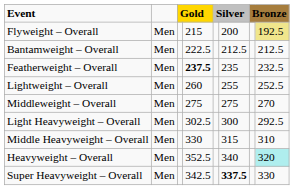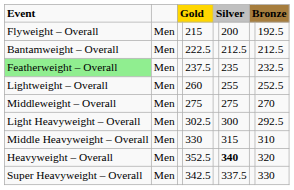 <table class="wikitable">
 <tr>
 <td><strong>Event</strong></td>
 <td></td>
 <td !align="center" bgcolor="gold" colspan="2"><strong>Gold</strong></td>
 <td !align="center" bgcolor="silver" colspan="2"><strong>Silver</strong></td>
 <td !align="center" bgcolor="#a67d3d" colspan="2"><strong>Bronze</strong></td>
 </tr>
 <tr>
 <td>Flyweight – Overall</td>
 <td>Men</td>
 <td></td>
 <td>215</td>
 <td></td>
 <td>200</td>
 <td></td>
-<td style="background: khaki;">192.5</td>
+<td>192.5</td>
 </tr>
 <tr>
 <td>Bantamweight – Overall</td>
 <td>Men</td>
 <td></td>
 <td>222.5</td>
 <td></td>
 <td>212.5</td>
 <td></td>
 <td>212.5</td>
 </tr>
 <tr>
-<td>Featherweight – Overall</td>
+<td style="background: lightgreen;">Featherweight – Overall</td>
 <td>Men</td>
 <td></td>
-<td><strong>237.5</strong></td>
+<td>237.5</td>
 <td></td>
 <td>235</td>
 <td></td>
 <td>232.5</td>
 </tr>
 <tr>
 <td>Lightweight – Overall</td>
 <td>Men</td>
 <td></td>
 <td>260</td>
 <td></td>
 <td>255</td>
 <td></td>
 <td>252.5</td>
 </tr>
 <tr>
 <td>Middleweight – Overall</td>
 <td>Men</td>
 <td></td>
 <td>275</td>
 <td></td>
 <td>275</td>
 <td></td>
 <td>270</td>
 </tr>
 <tr>
 <td>Light Heavyweight – Overall</td>
 <td>Men</td>
 <td></td>
 <td>302.5</td>
 <td></td>
 <td>300</td>
 <td></td>
 <td>292.5</td>
 </tr>
 <tr>
 <td>Middle Heavyweight – Overall</td>
 <td>Men</td>
 <td></td>
 <td>330</td>
 <td></td>
 <td>315</td>
 <td></td>
 <td>310</td>
 </tr>
 <tr>
 <td>Heavyweight – Overall</td>
 <td>Men</td>
 <td></td>
 <td>352.5</td>
 <td></td>
-<td>340</td>
+<td><strong>340</strong></td>
 <td></td>
-<td style="background: paleturquoise;">320</td>
+<td>320</td>
 </tr>
 <tr>
 <td>Super Heavyweight – Overall</td>
 <td>Men</td>
 <td></td>
 <td>342.5</td>
 <td></td>
-<td><strong>337.5</strong></td>
+<td>337.5</td>
 <td></td>
 <td>330</td>
 </tr>
 </table>
